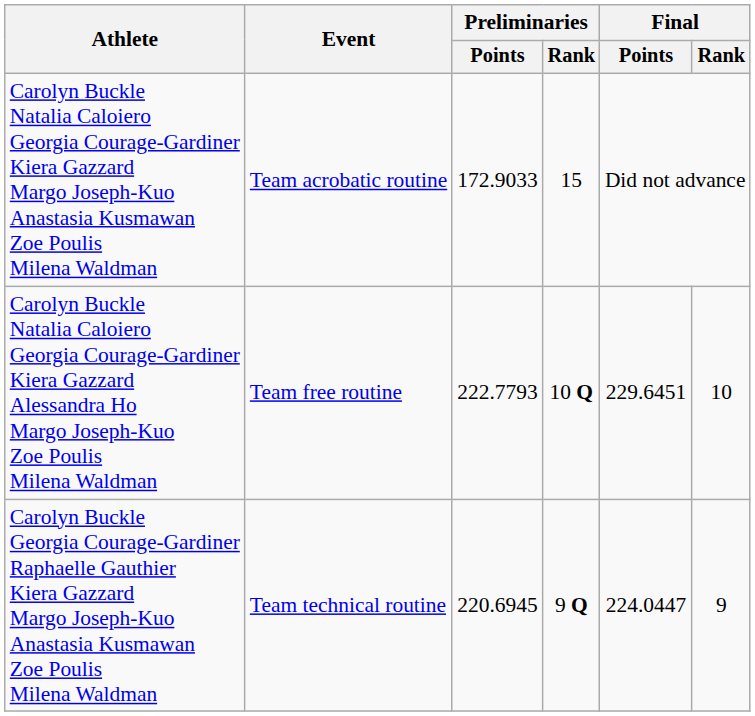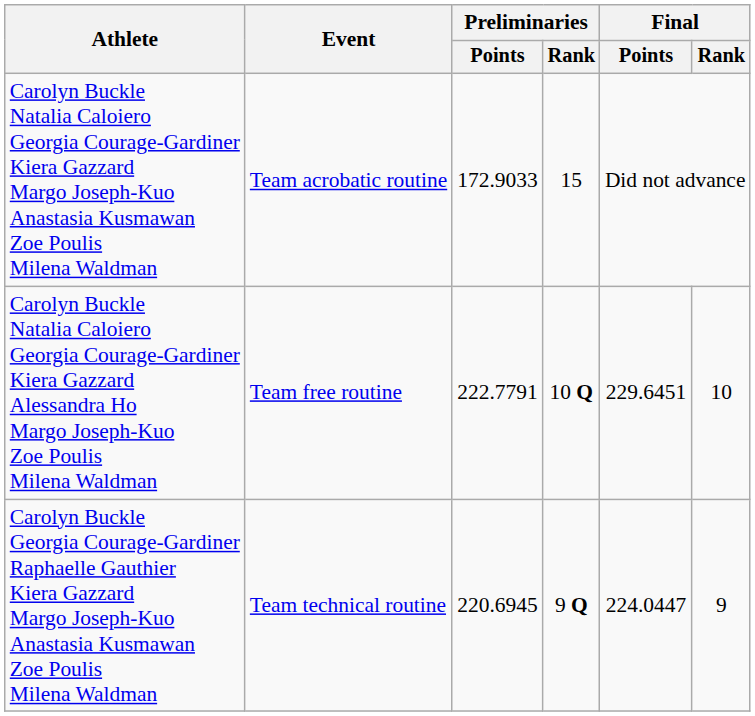 <table class="wikitable" style="text-align:center; font-size:90%;">
 <tr>
 <th rowspan="2">Athlete</th>
 <th rowspan="2">Event</th>
 <th colspan="2">Preliminaries</th>
 <th colspan="2">Final</th>
 </tr>
 <tr style="font-size:95%">
 <th>Points</th>
 <th>Rank</th>
 <th>Points</th>
 <th>Rank</th>
 </tr>
 <tr>
 <td align=left><a href='#'>Carolyn Buckle</a><br><a href='#'>Natalia Caloiero</a><br><a href='#'>Georgia Courage-Gardiner</a><br><a href='#'>Kiera Gazzard</a><br><a href='#'>Margo Joseph-Kuo</a><br><a href='#'>Anastasia Kusmawan</a><br><a href='#'>Zoe Poulis</a><br><a href='#'>Milena Waldman</a></td>
 <td align=left><a href='#'>Team acrobatic routine</a></td>
 <td>172.9033</td>
 <td>15</td>
 <td colspan=2>Did not advance</td>
 </tr>
 <tr>
 <td align=left><a href='#'>Carolyn Buckle</a><br><a href='#'>Natalia Caloiero</a> <br><a href='#'>Georgia Courage-Gardiner</a> <br><a href='#'>Kiera Gazzard</a> <br><a href='#'>Alessandra Ho</a> <br><a href='#'>Margo Joseph-Kuo</a><br><a href='#'>Zoe Poulis</a><br><a href='#'>Milena Waldman</a></td>
 <td align=left><a href='#'>Team free routine</a></td>
-<td>222.7793</td>
+<td>222.7791</td>
 <td>10 <strong>Q</strong></td>
 <td>229.6451</td>
 <td>10</td>
 </tr>
 <tr>
 <td align=left><a href='#'>Carolyn Buckle</a><br><a href='#'>Georgia Courage-Gardiner</a> <br><a href='#'>Raphaelle Gauthier</a> <br><a href='#'>Kiera Gazzard</a> <br><a href='#'>Margo Joseph-Kuo</a><br><a href='#'>Anastasia Kusmawan</a><br><a href='#'>Zoe Poulis</a><br><a href='#'>Milena Waldman</a></td>
 <td align=left><a href='#'>Team technical routine</a></td>
 <td>220.6945</td>
 <td>9 <strong>Q</strong></td>
 <td>224.0447</td>
 <td>9</td>
 </tr>
 </table>
